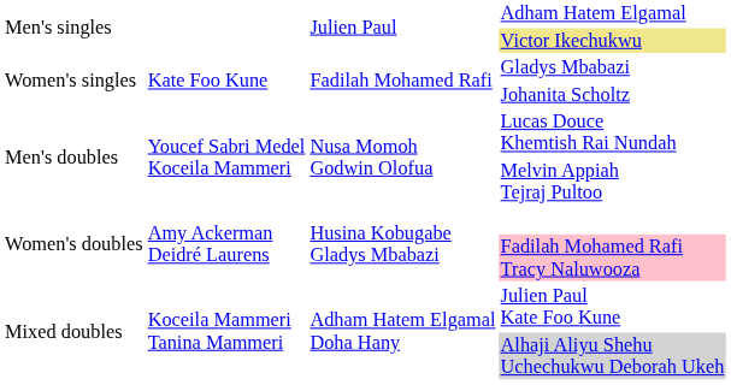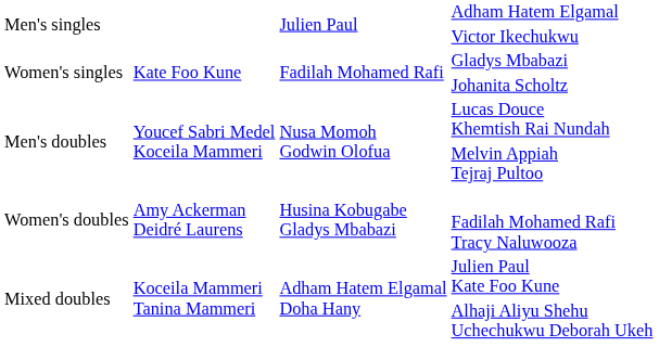 <table>
 <tr>
 <td rowspan=2>Men's singles</td>
 <td rowspan=2></td>
 <td rowspan=2> <a href='#'>Julien Paul</a></td>
 <td> <a href='#'>Adham Hatem Elgamal</a></td>
 </tr>
 <tr>
-<td style="background: khaki;"> <a href='#'>Victor Ikechukwu</a></td>
+<td> <a href='#'>Victor Ikechukwu</a></td>
 </tr>
 <tr>
 <td rowspan=2>Women's singles</td>
 <td rowspan=2> <a href='#'>Kate Foo Kune</a></td>
 <td rowspan=2> <a href='#'>Fadilah Mohamed Rafi</a></td>
 <td> <a href='#'>Gladys Mbabazi</a></td>
 </tr>
 <tr>
 <td> <a href='#'>Johanita Scholtz</a></td>
 </tr>
 <tr>
 <td rowspan=2>Men's doubles</td>
 <td rowspan=2> <a href='#'>Youcef Sabri Medel</a> <br> <a href='#'>Koceila Mammeri</a></td>
 <td rowspan=2> <a href='#'>Nusa Momoh</a> <br> <a href='#'>Godwin Olofua</a></td>
 <td> <a href='#'>Lucas Douce</a> <br> <a href='#'>Khemtish Rai Nundah</a></td>
 </tr>
 <tr>
 <td> <a href='#'>Melvin Appiah</a> <br> <a href='#'>Tejraj Pultoo</a></td>
 </tr>
 <tr>
 <td rowspan=2>Women's doubles</td>
 <td rowspan=2> <a href='#'>Amy Ackerman</a> <br> <a href='#'>Deidré Laurens</a></td>
 <td rowspan=2> <a href='#'>Husina Kobugabe</a> <br> <a href='#'>Gladys Mbabazi</a></td>
 <td>  <br> </td>
 </tr>
 <tr>
-<td style="background: pink;"> <a href='#'>Fadilah Mohamed Rafi</a> <br> <a href='#'>Tracy Naluwooza</a></td>
+<td> <a href='#'>Fadilah Mohamed Rafi</a> <br> <a href='#'>Tracy Naluwooza</a></td>
 </tr>
 <tr>
 <td rowspan=2>Mixed doubles</td>
 <td rowspan=2> <a href='#'>Koceila Mammeri</a> <br> <a href='#'>Tanina Mammeri</a></td>
 <td rowspan=2> <a href='#'>Adham Hatem Elgamal</a> <br> <a href='#'>Doha Hany</a></td>
 <td> <a href='#'>Julien Paul</a> <br> <a href='#'>Kate Foo Kune</a></td>
 </tr>
 <tr>
-<td style="background: lightgrey;"> <a href='#'>Alhaji Aliyu Shehu</a> <br> <a href='#'>Uchechukwu Deborah Ukeh</a></td>
+<td> <a href='#'>Alhaji Aliyu Shehu</a> <br> <a href='#'>Uchechukwu Deborah Ukeh</a></td>
 </tr>
 </table>
